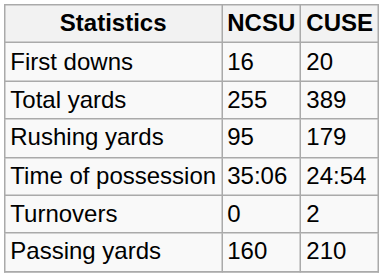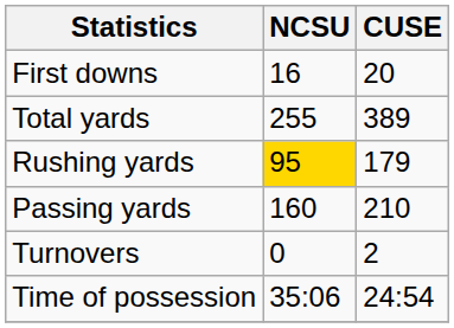 <table class="wikitable">
 <tr>
 <th>Statistics</th>
 <th>NCSU</th>
 <th>CUSE</th>
 </tr>
 <tr>
 <td>First downs</td>
 <td>16</td>
 <td>20</td>
 </tr>
 <tr>
 <td>Total yards</td>
 <td>255</td>
 <td>389</td>
 </tr>
 <tr>
 <td>Rushing yards</td>
-<td>95</td>
+<td style="background: gold;">95</td>
 <td>179</td>
+</tr>
+<tr>
+<td>Passing yards</td>
+<td>160</td>
+<td>210</td>
+</tr>
+<tr>
+<td>Turnovers</td>
+<td>0</td>
+<td>2</td>
 </tr>
 <tr>
 <td>Time of possession</td>
 <td>35:06</td>
 <td>24:54</td>
 </tr>
 <tr>
-<td>Turnovers</td>
-<td>0</td>
-<td>2</td>
-</tr>
-<tr>
-<td>Passing yards</td>
-<td>160</td>
-<td>210</td>
-</tr>
-<tr>
 </tr>
 </table>
